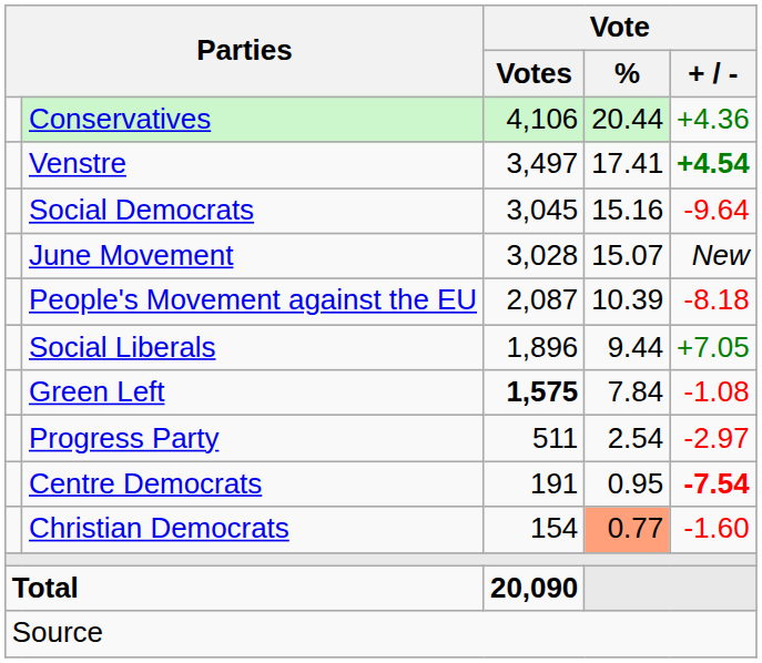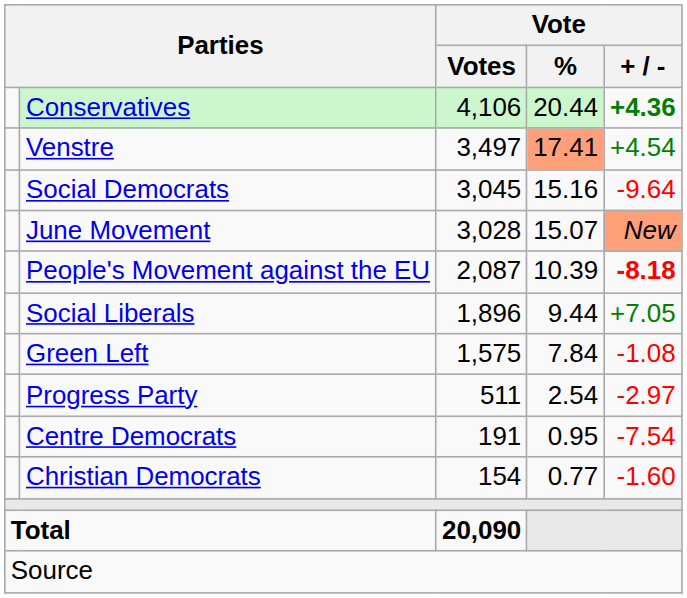 <table class="wikitable" style="text-align:right;">
 <tr>
 <th style="text-align:centre;" rowspan="2" colspan="2" width="225">Parties</th>
 <th colspan="3">Vote</th>
 </tr>
 <tr>
 <th width="15">Votes</th>
 <th width="15">%</th>
 <th width="15">+ / -</th>
 </tr>
 <tr>
 <td width="2" style="color:inherit;background:"></td>
 <td bgcolor=#ccf7cc   align="left"><a href='#'>Conservatives</a></td>
 <td bgcolor=#ccf7cc>4,106</td>
 <td bgcolor=#ccf7cc>20.44</td>
-<td style=color:green;>+4.36</td>
+<td style=color:green;><strong>+4.36</strong></td>
 </tr>
 <tr>
 <td width="2" style="color:inherit;background:"></td>
 <td align="left"><a href='#'>Venstre</a></td>
 <td>3,497</td>
-<td>17.41</td>
-<td style=color:green;><strong>+4.54</strong></td>
+<td style="background: lightsalmon;">17.41</td>
+<td style=color:green;>+4.54</td>
 </tr>
 <tr>
 <td width="2" style="color:inherit;background:"></td>
 <td align="left"><a href='#'>Social Democrats</a></td>
 <td>3,045</td>
 <td>15.16</td>
 <td style=color:red;>-9.64</td>
 </tr>
 <tr>
 <td width="2" style="color:inherit;background:"></td>
 <td align="left"><a href='#'>June Movement</a></td>
 <td>3,028</td>
 <td>15.07</td>
-<td><em>New</em></td>
+<td style="background: lightsalmon;"><em>New</em></td>
 </tr>
 <tr>
 <td width="2" style="color:inherit;background:"></td>
 <td align="left"><a href='#'>People's Movement against the EU</a></td>
 <td>2,087</td>
 <td>10.39</td>
-<td style=color:red;>-8.18</td>
+<td style=color:red;><strong>-8.18</strong></td>
 </tr>
 <tr>
 <td width="2" style="color:inherit;background:"></td>
 <td align="left"><a href='#'>Social Liberals</a></td>
 <td>1,896</td>
 <td>9.44</td>
 <td style=color:green;>+7.05</td>
 </tr>
 <tr>
 <td width="2" style="color:inherit;background:"></td>
 <td align="left"><a href='#'>Green Left</a></td>
-<td><strong>1,575</strong></td>
+<td>1,575</td>
 <td>7.84</td>
 <td style=color:red;>-1.08</td>
 </tr>
 <tr>
 <td width="2" style="color:inherit;background:"></td>
 <td align="left"><a href='#'>Progress Party</a></td>
 <td>511</td>
 <td>2.54</td>
 <td style=color:red;>-2.97</td>
 </tr>
 <tr>
 <td width="2" style="color:inherit;background:"></td>
 <td align="left"><a href='#'>Centre Democrats</a></td>
 <td>191</td>
 <td>0.95</td>
-<td style=color:red;><strong>-7.54</strong></td>
+<td style=color:red;>-7.54</td>
 </tr>
 <tr>
 <td width="2" style="color:inherit;background:"></td>
 <td align="left"><a href='#'>Christian Democrats</a></td>
 <td>154</td>
-<td style="background: lightsalmon;">0.77</td>
+<td>0.77</td>
 <td style=color:red;>-1.60</td>
 </tr>
 <tr>
 <td colspan="7" bgcolor="#E9E9E9"></td>
 </tr>
 <tr>
 <td align="left" colspan="2"><strong>Total</strong></td>
 <td><strong>20,090</strong></td>
 <td bgcolor="#E9E9E9" colspan="2"></td>
 </tr>
 <tr>
 <td align="left" colspan="6">Source</td>
 </tr>
 </table>
